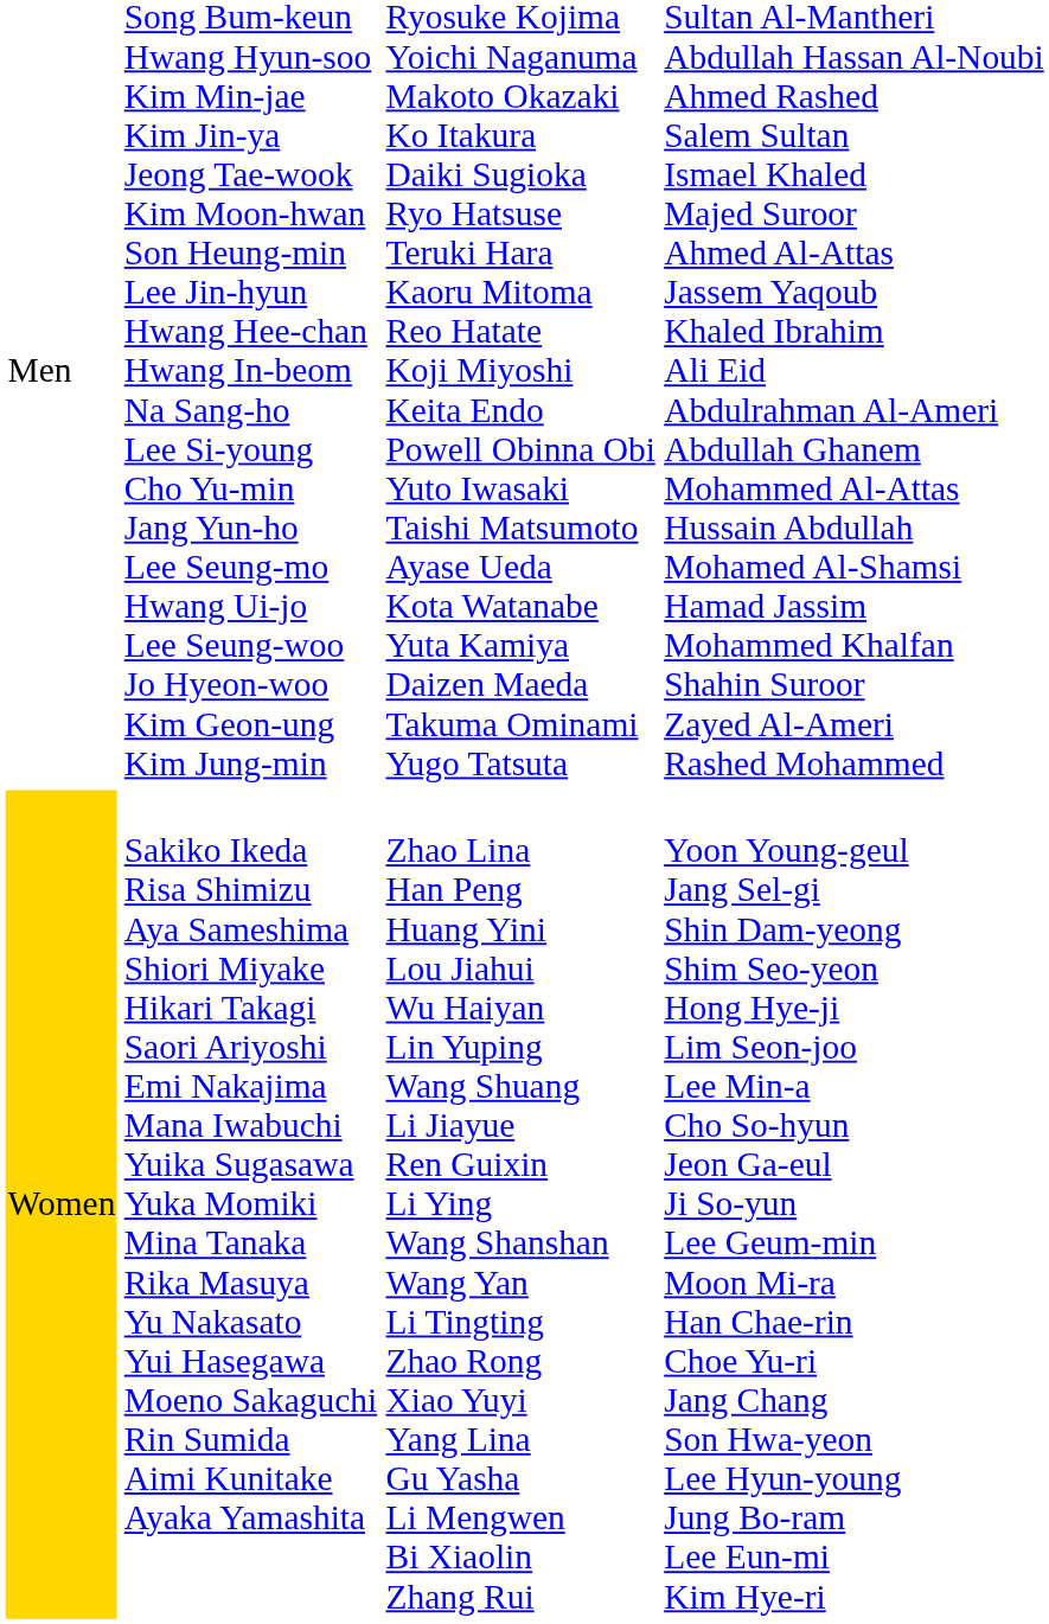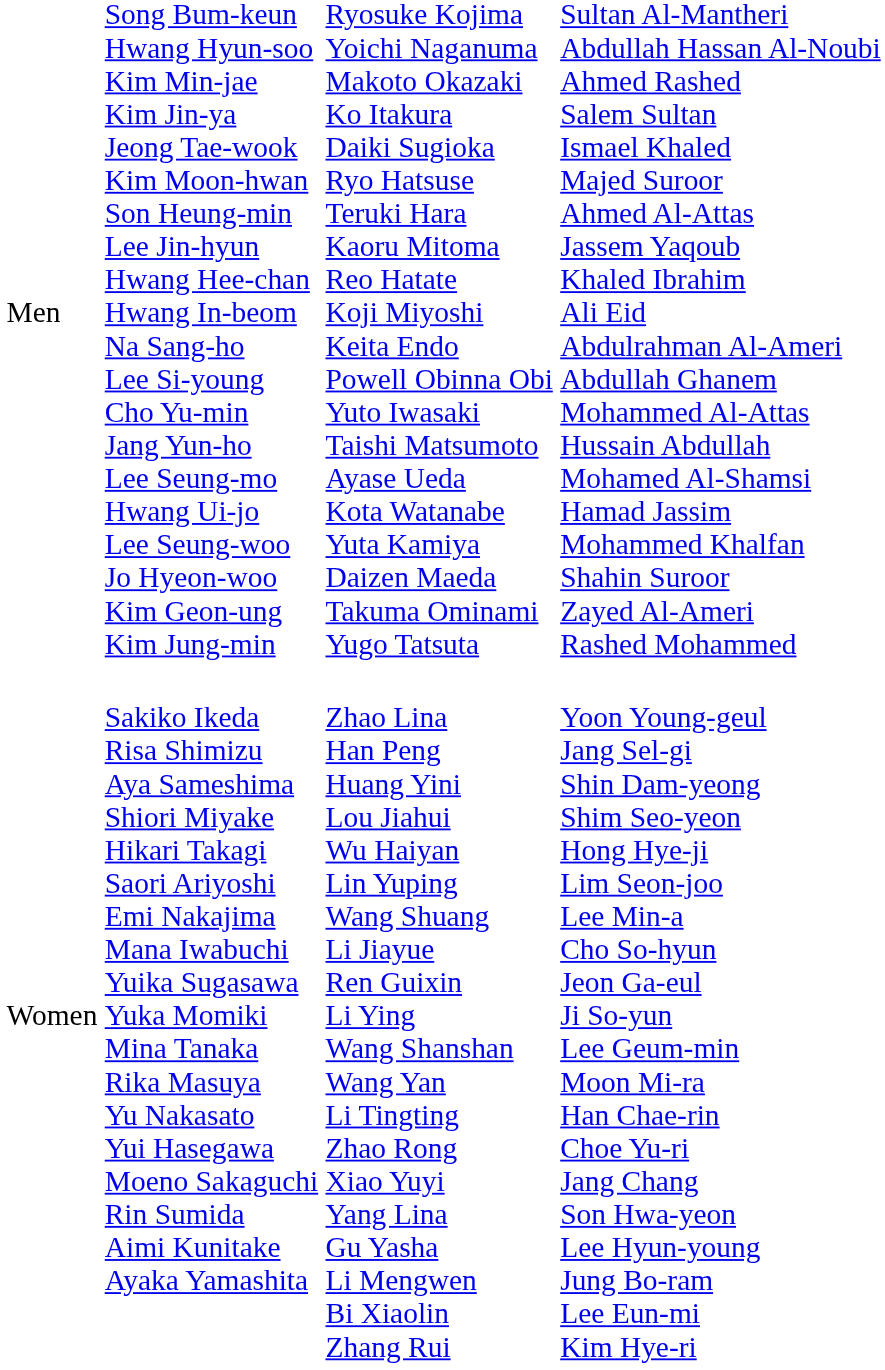 <table>
 <tr>
 <td>Men<br></td>
 <td><br><a href='#'>Song Bum-keun</a><br><a href='#'>Hwang Hyun-soo</a><br><a href='#'>Kim Min-jae</a><br><a href='#'>Kim Jin-ya</a><br><a href='#'>Jeong Tae-wook</a><br><a href='#'>Kim Moon-hwan</a><br><a href='#'>Son Heung-min</a><br><a href='#'>Lee Jin-hyun</a><br><a href='#'>Hwang Hee-chan</a><br><a href='#'>Hwang In-beom</a><br><a href='#'>Na Sang-ho</a><br><a href='#'>Lee Si-young</a><br><a href='#'>Cho Yu-min</a><br><a href='#'>Jang Yun-ho</a><br><a href='#'>Lee Seung-mo</a><br><a href='#'>Hwang Ui-jo</a><br><a href='#'>Lee Seung-woo</a><br><a href='#'>Jo Hyeon-woo</a><br><a href='#'>Kim Geon-ung</a><br><a href='#'>Kim Jung-min</a></td>
 <td><br><a href='#'>Ryosuke Kojima</a><br><a href='#'>Yoichi Naganuma</a><br><a href='#'>Makoto Okazaki</a><br><a href='#'>Ko Itakura</a><br><a href='#'>Daiki Sugioka</a><br><a href='#'>Ryo Hatsuse</a><br><a href='#'>Teruki Hara</a><br><a href='#'>Kaoru Mitoma</a><br><a href='#'>Reo Hatate</a><br><a href='#'>Koji Miyoshi</a><br><a href='#'>Keita Endo</a><br><a href='#'>Powell Obinna Obi</a><br><a href='#'>Yuto Iwasaki</a><br><a href='#'>Taishi Matsumoto</a><br><a href='#'>Ayase Ueda</a><br><a href='#'>Kota Watanabe</a><br><a href='#'>Yuta Kamiya</a><br><a href='#'>Daizen Maeda</a><br><a href='#'>Takuma Ominami</a><br><a href='#'>Yugo Tatsuta</a></td>
 <td><br><a href='#'>Sultan Al-Mantheri</a><br><a href='#'>Abdullah Hassan Al-Noubi</a><br><a href='#'>Ahmed Rashed</a><br><a href='#'>Salem Sultan</a><br><a href='#'>Ismael Khaled</a><br><a href='#'>Majed Suroor</a><br><a href='#'>Ahmed Al-Attas</a><br><a href='#'>Jassem Yaqoub</a><br><a href='#'>Khaled Ibrahim</a><br><a href='#'>Ali Eid</a><br><a href='#'>Abdulrahman Al-Ameri</a><br><a href='#'>Abdullah Ghanem</a><br><a href='#'>Mohammed Al-Attas</a><br><a href='#'>Hussain Abdullah</a><br><a href='#'>Mohamed Al-Shamsi</a><br><a href='#'>Hamad Jassim</a><br><a href='#'>Mohammed Khalfan</a><br><a href='#'>Shahin Suroor</a><br><a href='#'>Zayed Al-Ameri</a><br><a href='#'>Rashed Mohammed</a></td>
 </tr>
 <tr>
-<td style="background: gold;">Women<br></td>
+<td>Women<br></td>
 <td valign=top><br><a href='#'>Sakiko Ikeda</a><br><a href='#'>Risa Shimizu</a><br><a href='#'>Aya Sameshima</a><br><a href='#'>Shiori Miyake</a><br><a href='#'>Hikari Takagi</a><br><a href='#'>Saori Ariyoshi</a><br><a href='#'>Emi Nakajima</a><br><a href='#'>Mana Iwabuchi</a><br><a href='#'>Yuika Sugasawa</a><br><a href='#'>Yuka Momiki</a><br><a href='#'>Mina Tanaka</a><br><a href='#'>Rika Masuya</a><br><a href='#'>Yu Nakasato</a><br><a href='#'>Yui Hasegawa</a><br><a href='#'>Moeno Sakaguchi</a><br><a href='#'>Rin Sumida</a><br><a href='#'>Aimi Kunitake</a><br><a href='#'>Ayaka Yamashita</a></td>
 <td><br><a href='#'>Zhao Lina</a><br><a href='#'>Han Peng</a><br><a href='#'>Huang Yini</a><br><a href='#'>Lou Jiahui</a><br><a href='#'>Wu Haiyan</a><br><a href='#'>Lin Yuping</a><br><a href='#'>Wang Shuang</a><br><a href='#'>Li Jiayue</a><br><a href='#'>Ren Guixin</a><br><a href='#'>Li Ying</a><br><a href='#'>Wang Shanshan</a><br><a href='#'>Wang Yan</a><br><a href='#'>Li Tingting</a><br><a href='#'>Zhao Rong</a><br><a href='#'>Xiao Yuyi</a><br><a href='#'>Yang Lina</a><br><a href='#'>Gu Yasha</a><br><a href='#'>Li Mengwen</a><br><a href='#'>Bi Xiaolin</a><br><a href='#'>Zhang Rui</a></td>
 <td><br><a href='#'>Yoon Young-geul</a><br><a href='#'>Jang Sel-gi</a><br><a href='#'>Shin Dam-yeong</a><br><a href='#'>Shim Seo-yeon</a><br><a href='#'>Hong Hye-ji</a><br><a href='#'>Lim Seon-joo</a><br><a href='#'>Lee Min-a</a><br><a href='#'>Cho So-hyun</a><br><a href='#'>Jeon Ga-eul</a><br><a href='#'>Ji So-yun</a><br><a href='#'>Lee Geum-min</a><br><a href='#'>Moon Mi-ra</a><br><a href='#'>Han Chae-rin</a><br><a href='#'>Choe Yu-ri</a><br><a href='#'>Jang Chang</a><br><a href='#'>Son Hwa-yeon</a><br><a href='#'>Lee Hyun-young</a><br><a href='#'>Jung Bo-ram</a><br><a href='#'>Lee Eun-mi</a><br><a href='#'>Kim Hye-ri</a></td>
 </tr>
 </table>
